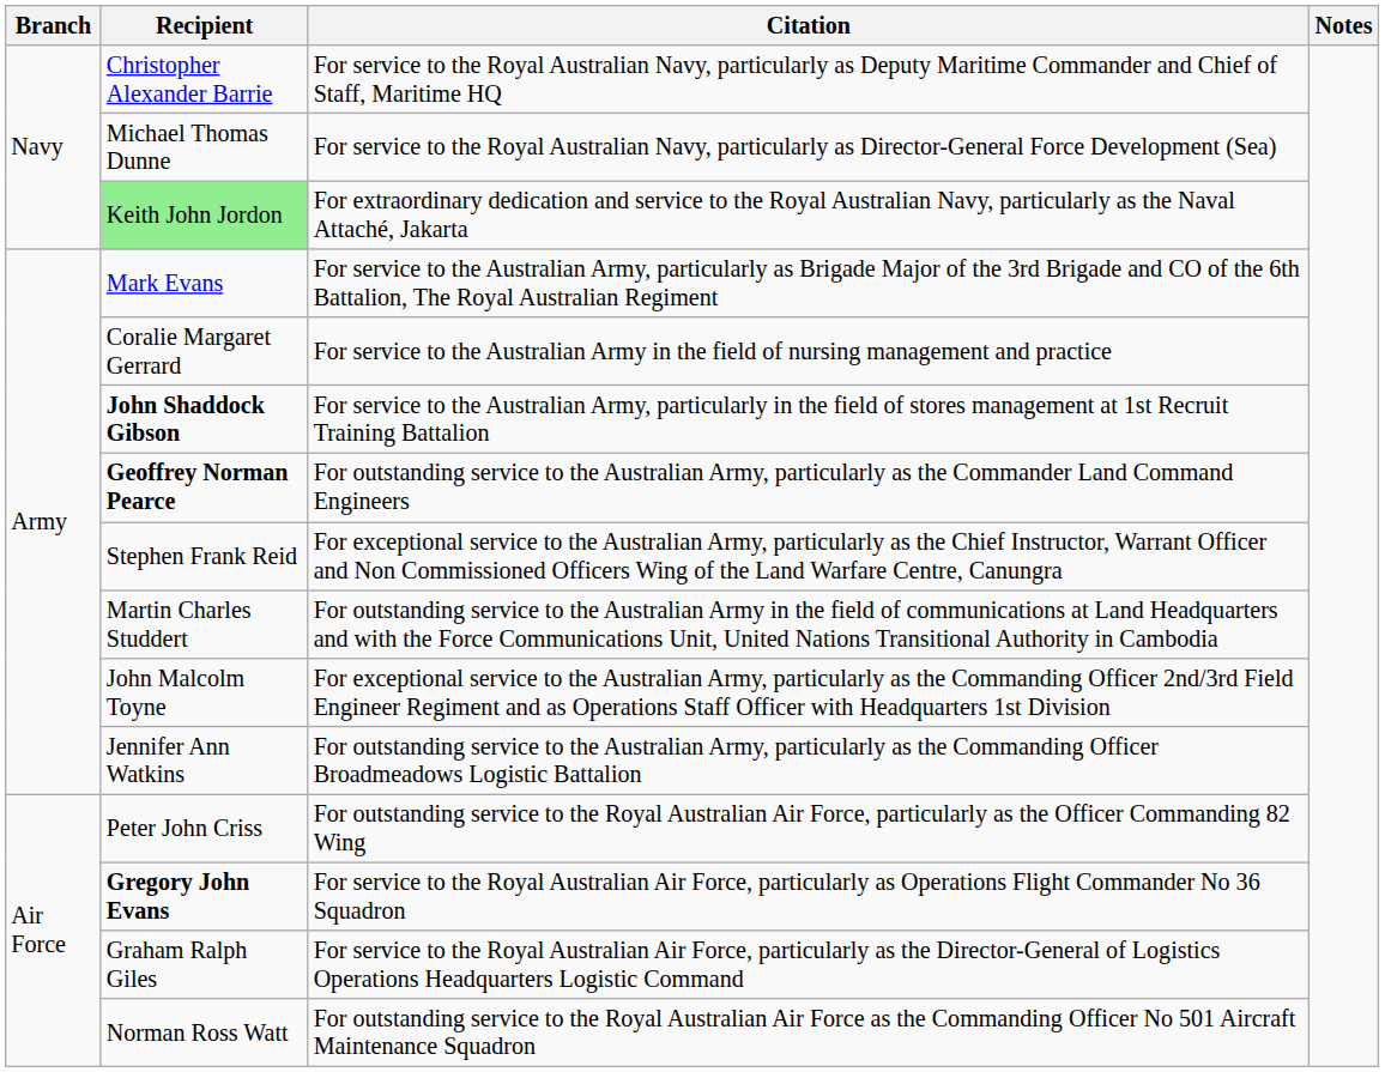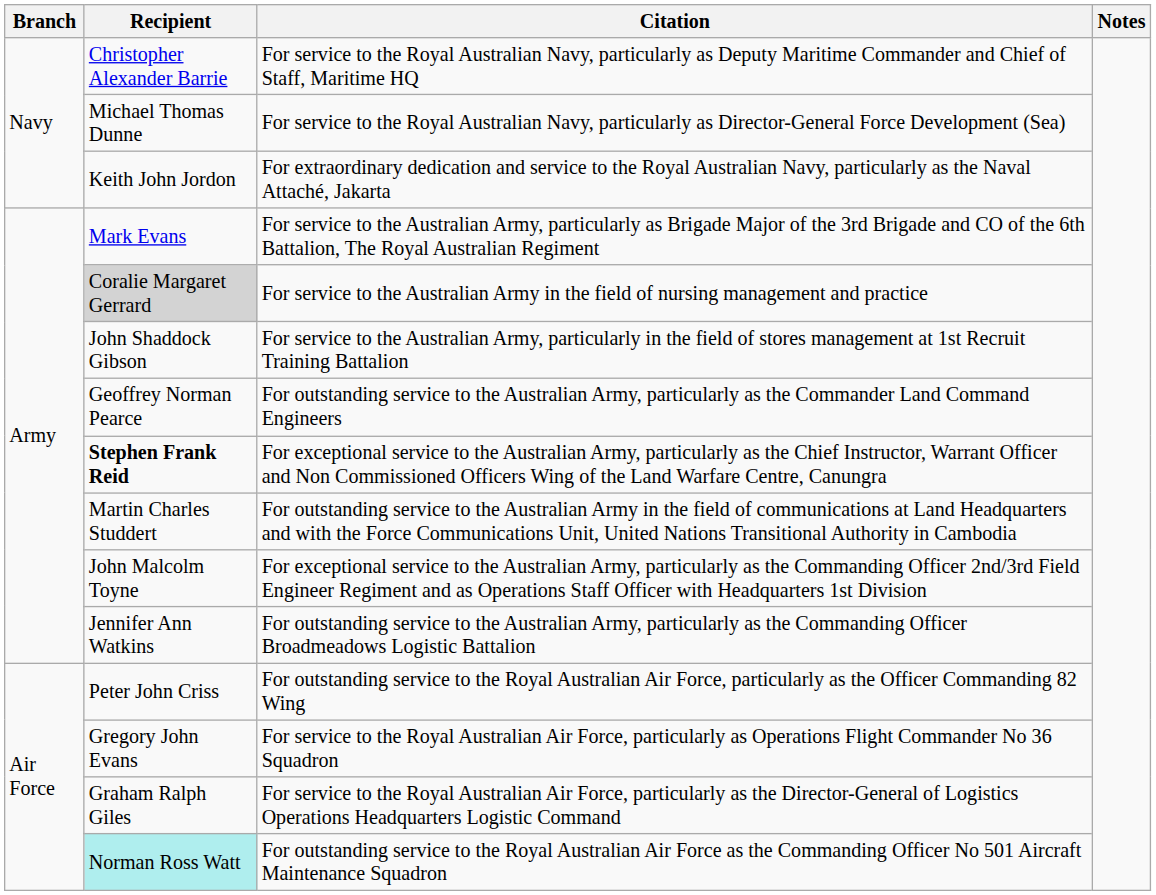 <table class="wikitable" style="font-size:95%;">
 <tr>
 <th>Branch</th>
 <th>Recipient</th>
 <th>Citation</th>
 <th>Notes</th>
 </tr>
 <tr>
 <td rowspan=3>Navy</td>
 <td> <a href='#'>Christopher Alexander Barrie</a></td>
 <td>For service to the Royal Australian Navy, particularly as Deputy Maritime Commander and Chief of Staff, Maritime HQ</td>
 <td rowspan=15></td>
 </tr>
 <tr>
 <td> Michael Thomas Dunne</td>
 <td>For service to the Royal Australian Navy, particularly as Director-General Force Development (Sea)</td>
 </tr>
 <tr>
-<td style="background: lightgreen;"> Keith John Jordon</td>
+<td> Keith John Jordon</td>
 <td>For extraordinary dedication and service to the Royal Australian Navy, particularly as the Naval Attaché, Jakarta</td>
 </tr>
 <tr>
 <td rowspan=8>Army</td>
 <td> <a href='#'>Mark Evans</a></td>
 <td>For service to the Australian Army, particularly as Brigade Major of the 3rd Brigade and CO of the 6th Battalion, The Royal Australian Regiment</td>
 </tr>
 <tr>
-<td> Coralie Margaret Gerrard</td>
+<td style="background: lightgrey;"> Coralie Margaret Gerrard</td>
 <td>For service to the Australian Army in the field of nursing management and practice</td>
 </tr>
 <tr>
-<td><strong> John Shaddock Gibson</strong></td>
+<td> John Shaddock Gibson</td>
 <td>For service to the Australian Army, particularly in the field of stores management at 1st Recruit Training Battalion</td>
 </tr>
 <tr>
-<td><strong> Geoffrey Norman Pearce</strong></td>
+<td> Geoffrey Norman Pearce</td>
 <td>For outstanding service to the Australian Army, particularly as the Commander Land Command Engineers</td>
 </tr>
 <tr>
-<td> Stephen Frank Reid</td>
+<td><strong> Stephen Frank Reid</strong></td>
 <td>For exceptional service to the Australian Army, particularly as the Chief Instructor, Warrant Officer and Non Commissioned Officers Wing of the Land Warfare Centre, Canungra</td>
 </tr>
 <tr>
 <td> Martin Charles Studdert</td>
 <td>For outstanding service to the Australian Army in the field of communications at Land Headquarters and with the Force Communications Unit, United Nations Transitional Authority in Cambodia</td>
 </tr>
 <tr>
 <td> John Malcolm Toyne</td>
 <td>For exceptional service to the Australian Army, particularly as the Commanding Officer 2nd/3rd Field Engineer Regiment and as Operations Staff Officer with Headquarters 1st Division</td>
 </tr>
 <tr>
 <td> Jennifer Ann Watkins</td>
 <td>For outstanding service to the Australian Army, particularly as the Commanding Officer Broadmeadows Logistic Battalion</td>
 </tr>
 <tr>
 <td rowspan=4>Air Force</td>
 <td> Peter John Criss</td>
 <td>For outstanding service to the Royal Australian Air Force, particularly as the Officer Commanding 82 Wing</td>
 </tr>
 <tr>
-<td><strong> Gregory John Evans</strong></td>
+<td> Gregory John Evans</td>
 <td>For service to the Royal Australian Air Force, particularly as Operations Flight Commander No 36 Squadron</td>
 </tr>
 <tr>
 <td> Graham Ralph Giles</td>
 <td>For service to the Royal Australian Air Force, particularly as the Director-General of Logistics Operations Headquarters Logistic Command</td>
 </tr>
 <tr>
-<td> Norman Ross Watt</td>
+<td style="background: paleturquoise;"> Norman Ross Watt</td>
 <td>For outstanding service to the Royal Australian Air Force as the Commanding Officer No 501 Aircraft Maintenance Squadron</td>
 </tr>
 </table>
